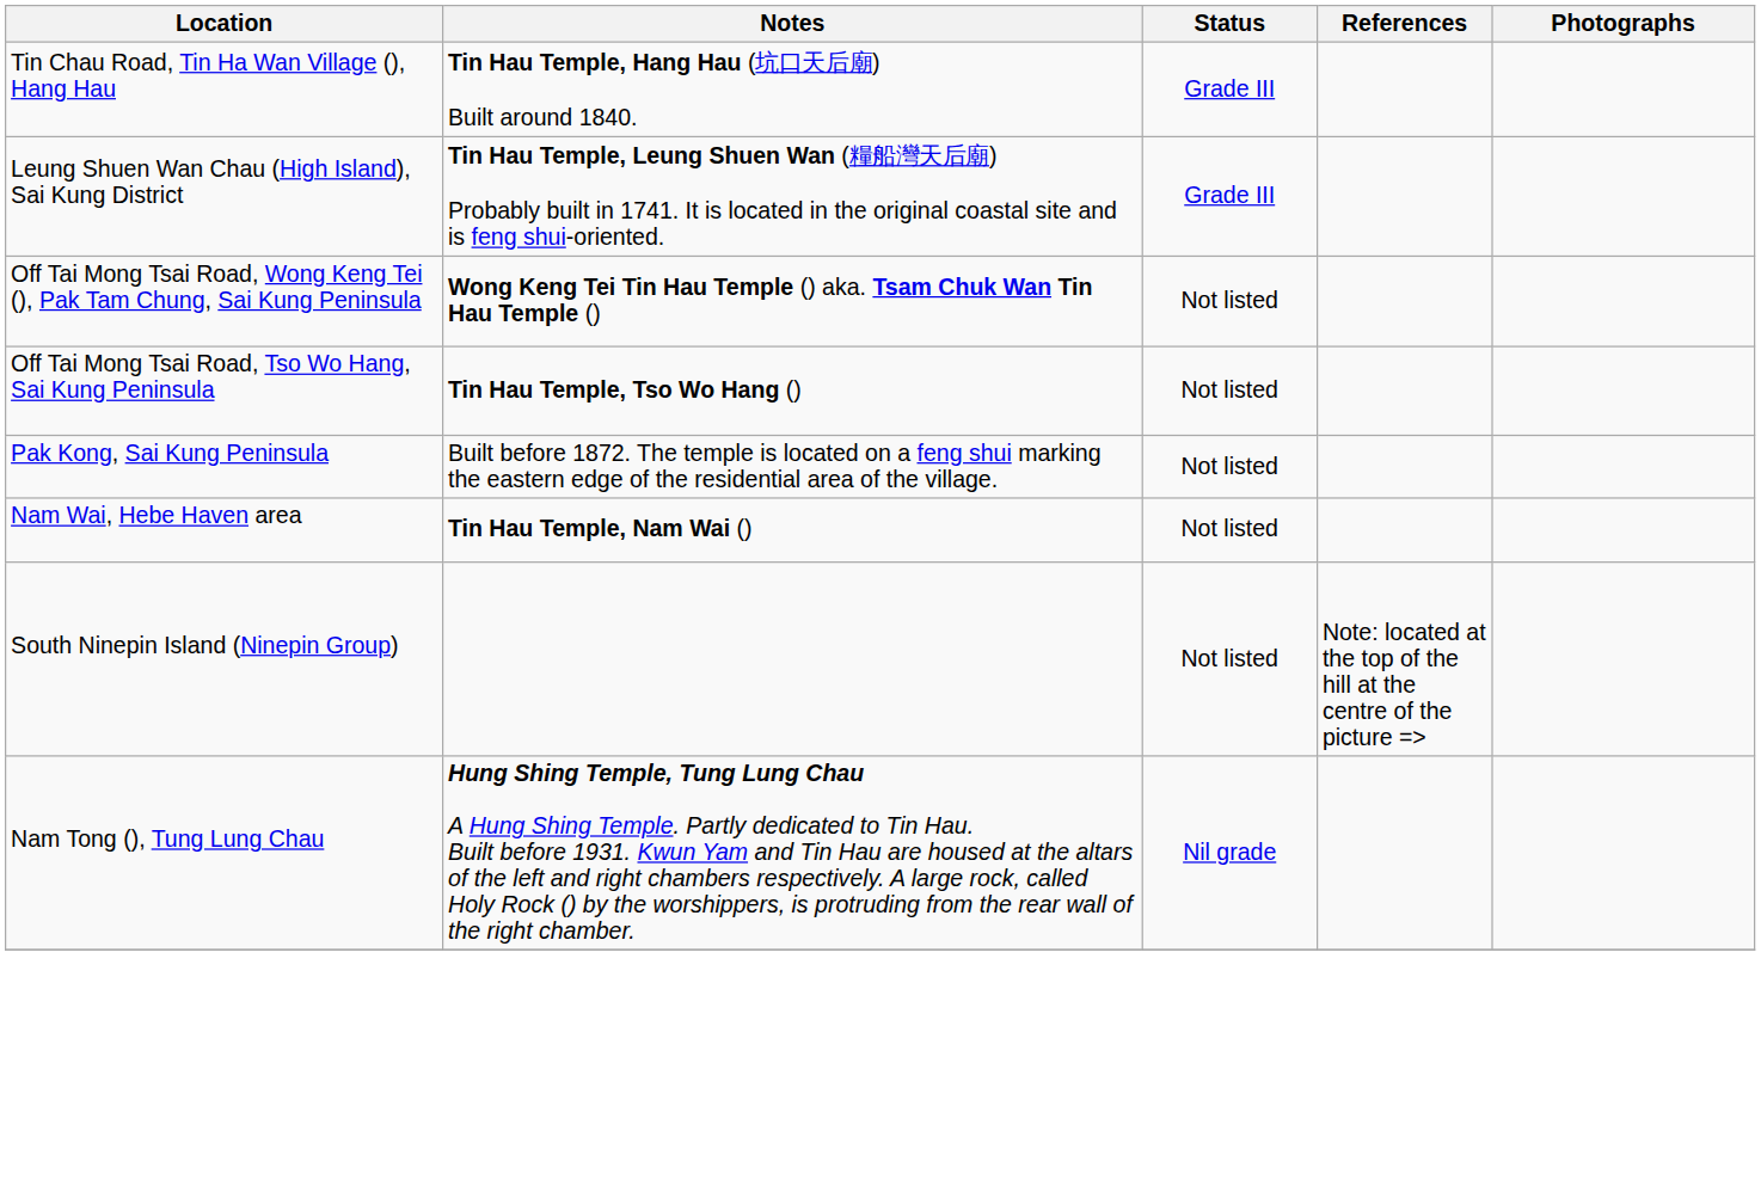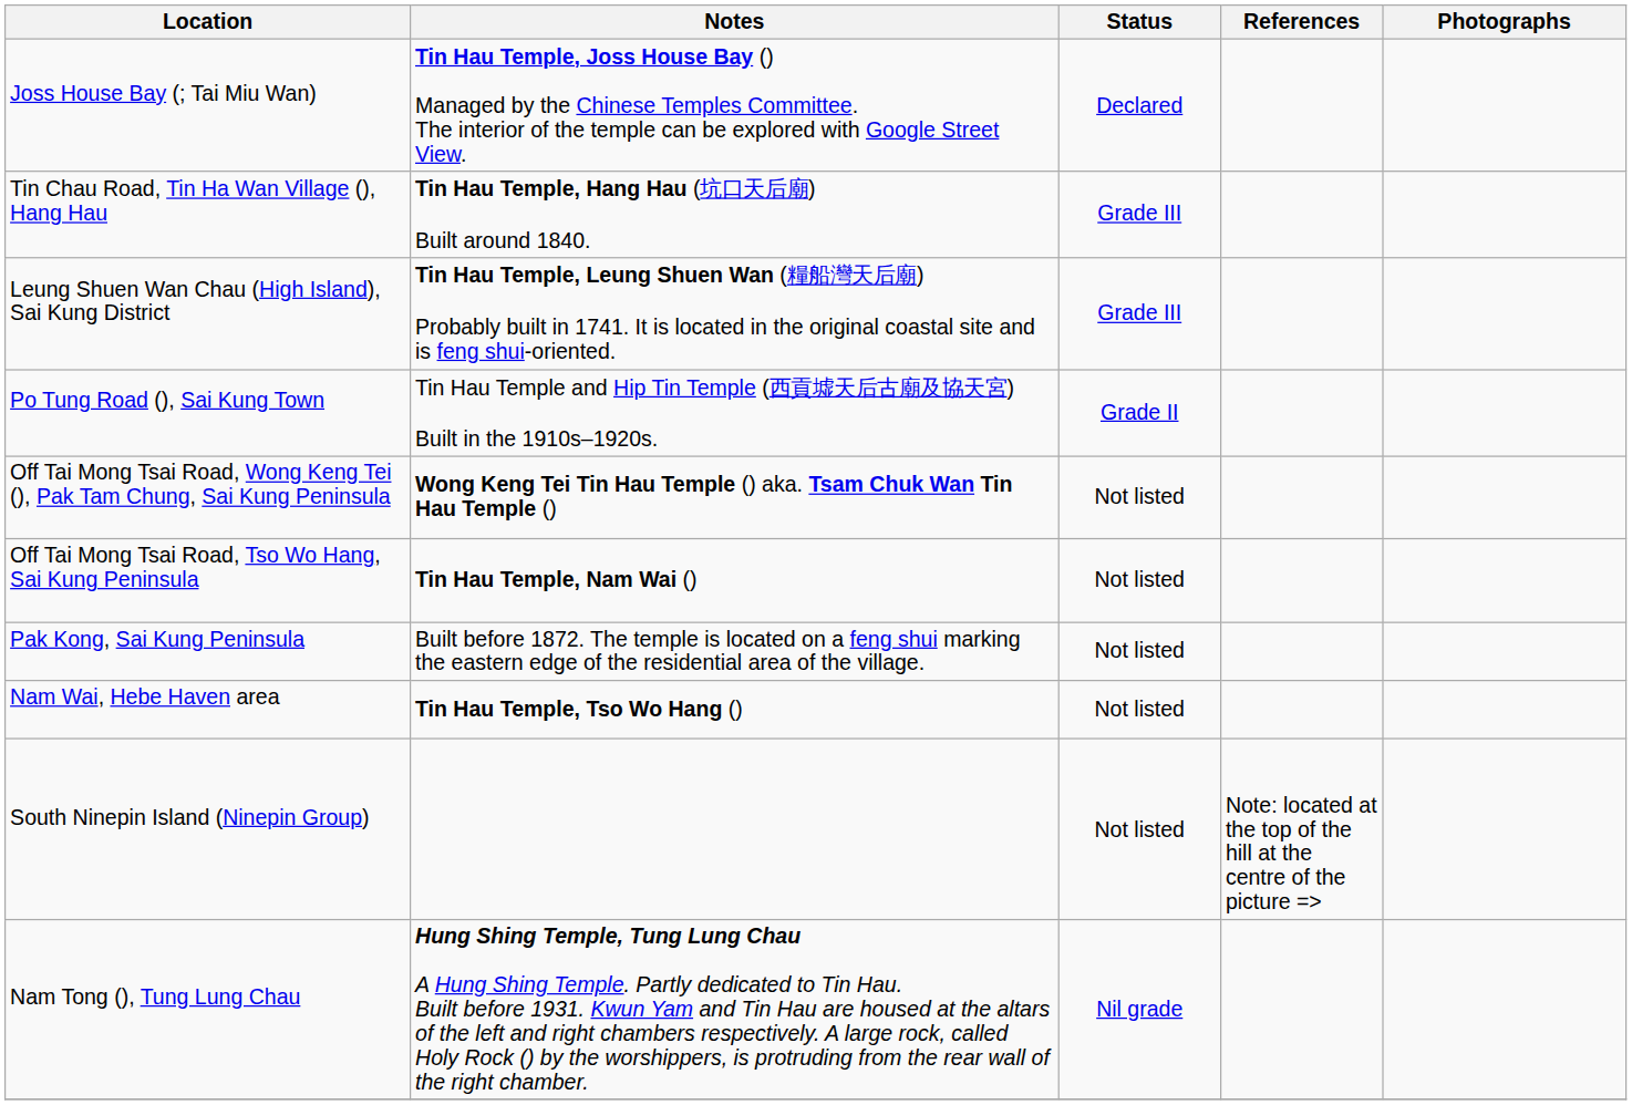 <table class="wikitable sortable" style="width:95%">
 <tr>
 <th width="25%">Location</th>
 <th width="40%">Notes</th>
 <th width="10%">Status</th>
 <th width="10%">References</th>
 <th width="15%">Photographs</th>
+</tr>
+<tr>
+<td><a href='#'>Joss House Bay</a> (; Tai Miu Wan)<br><br></td>
+<td><strong><a href='#'>Tin Hau Temple, Joss House Bay</a></strong> ()<br><br>Managed by the <a href='#'>Chinese Temples Committee</a>.<br> The interior of the temple can be explored with <a href='#'>Google Street View</a>.</td>
+<td style="text-align:center"><a href='#'>Declared</a></td>
+<td>     </td>
+<td></td>
 </tr>
 <tr>
 <td>Tin Chau Road, <a href='#'>Tin Ha Wan Village</a> (), <a href='#'>Hang Hau</a><br><br></td>
 <td><strong>Tin Hau Temple, Hang Hau</strong> (<a href='#'>坑口天后廟</a>)<br><br>Built around 1840.</td>
 <td style="text-align:center"><a href='#'>Grade III</a></td>
 <td>   </td>
 <td></td>
 </tr>
 <tr>
 <td>Leung Shuen Wan Chau (<a href='#'>High Island</a>), Sai Kung District<br><br></td>
 <td><strong>Tin Hau Temple, Leung Shuen Wan</strong> (<a href='#'>糧船灣天后廟</a>)<br><br>Probably built in 1741. It is located in the original coastal site and is <a href='#'>feng shui</a>-oriented.</td>
 <td style="text-align:center"><a href='#'>Grade III</a></td>
 <td>    </td>
 <td></td>
 </tr>
 <tr>
+<td><a href='#'>Po Tung Road</a> (), <a href='#'>Sai Kung Town</a><br><br></td>
+<td>Tin Hau Temple and <a href='#'>Hip Tin Temple</a> (<a href='#'>西貢墟天后古廟及協天宮</a>)<br><br>Built in the 1910s–1920s.</td>
+<td style="text-align:center"><a href='#'>Grade II</a></td>
+<td>  </td>
+<td></td>
+</tr>
+<tr>
 <td>Off Tai Mong Tsai Road, <a href='#'>Wong Keng Tei</a> (), <a href='#'>Pak Tam Chung</a>, <a href='#'>Sai Kung Peninsula</a><br><br></td>
 <td><strong>Wong Keng Tei Tin Hau Temple</strong> () aka. <strong><a href='#'>Tsam Chuk Wan</a> Tin Hau Temple</strong> ()</td>
 <td style="text-align:center">Not listed</td>
 <td></td>
 <td></td>
 </tr>
 <tr>
 <td>Off Tai Mong Tsai Road, <a href='#'>Tso Wo Hang</a>, <a href='#'>Sai Kung Peninsula</a><br><br></td>
-<td><strong>Tin Hau Temple, Tso Wo Hang</strong> ()</td>
+<td><strong>Tin Hau Temple, Nam Wai</strong> ()</td>
 <td style="text-align:center">Not listed</td>
 <td></td>
 <td></td>
 </tr>
 <tr>
 <td><a href='#'>Pak Kong</a>, <a href='#'>Sai Kung Peninsula</a><br><br></td>
 <td>Built before 1872. The temple is located on a <a href='#'>feng shui</a> marking the eastern edge of the residential area of the village.</td>
 <td style="text-align:center">Not listed</td>
 <td></td>
 <td></td>
 </tr>
 <tr>
 <td><a href='#'>Nam Wai</a>, <a href='#'>Hebe Haven</a> area<br><br></td>
-<td><strong>Tin Hau Temple, Nam Wai</strong> ()</td>
+<td><strong>Tin Hau Temple, Tso Wo Hang</strong> ()</td>
 <td style="text-align:center">Not listed</td>
 <td> </td>
 <td></td>
 </tr>
 <tr>
 <td>South Ninepin Island (<a href='#'>Ninepin Group</a>)<br><br></td>
 <td></td>
 <td style="text-align:center">Not listed</td>
 <td>  <br><br>Note: located at the top of the hill at the centre of the picture =></td>
 <td></td>
 </tr>
 <tr>
 <td>Nam Tong (), <a href='#'>Tung Lung Chau</a><br><br></td>
 <td><strong><em>Hung Shing Temple, Tung Lung Chau</em></strong><br><br><em>A <a href='#'>Hung Shing Temple</a>. Partly dedicated to Tin Hau.</em><br><em>Built before 1931. <a href='#'>Kwun Yam</a> and Tin Hau are housed at the altars of the left and right chambers respectively. A large rock, called Holy Rock () by the worshippers, is protruding from the rear wall of the right chamber.</em></td>
 <td style="text-align:center"><a href='#'>Nil grade</a></td>
 <td>   </td>
 <td></td>
 </tr>
 <tr>
 </tr>
 </table>
